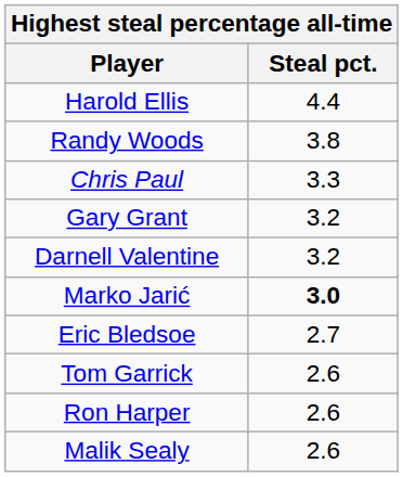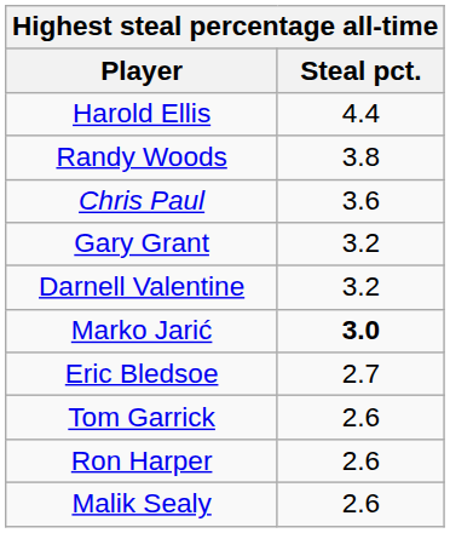 <table class="wikitable sortable" style="text-align:center">
 <tr>
 <th colspan="2">Highest steal percentage all-time</th>
 </tr>
 <tr>
 <th>Player</th>
 <th>Steal pct.</th>
 </tr>
 <tr>
 <td><a href='#'>Harold Ellis</a></td>
 <td>4.4</td>
 </tr>
 <tr>
 <td><a href='#'>Randy Woods</a></td>
 <td>3.8</td>
 </tr>
 <tr>
 <td><em><a href='#'>Chris Paul</a></em></td>
-<td>3.3</td>
+<td>3.6</td>
 </tr>
 <tr>
 <td><a href='#'>Gary Grant</a></td>
 <td>3.2</td>
 </tr>
 <tr>
 <td><a href='#'>Darnell Valentine</a></td>
 <td>3.2</td>
 </tr>
 <tr>
 <td><a href='#'>Marko Jarić</a></td>
 <td><strong>3.0</strong></td>
 </tr>
 <tr>
 <td><a href='#'>Eric Bledsoe</a></td>
 <td>2.7</td>
 </tr>
 <tr>
 <td><a href='#'>Tom Garrick</a></td>
 <td>2.6</td>
 </tr>
 <tr>
 <td><a href='#'>Ron Harper</a></td>
 <td>2.6</td>
 </tr>
 <tr>
 <td><a href='#'>Malik Sealy</a></td>
 <td>2.6</td>
 </tr>
 </table>
